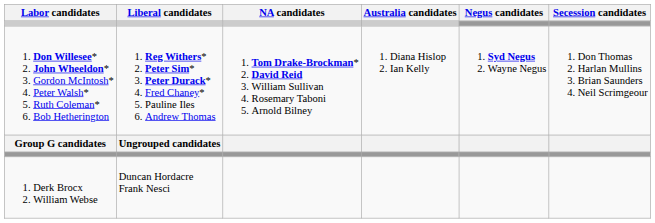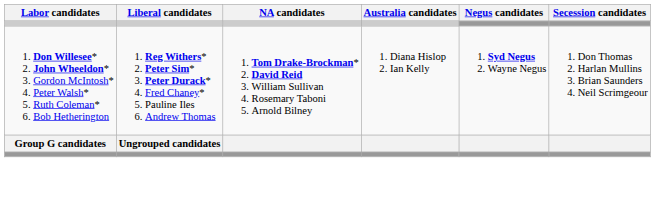 <table class="wikitable">
 <tr>
 <th><a href='#'>Labor</a> candidates</th>
 <th><a href='#'>Liberal</a> candidates</th>
 <th><a href='#'>NA</a> candidates</th>
 <th><a href='#'>Australia</a> candidates</th>
 <th><a href='#'>Negus</a> candidates</th>
 <th><a href='#'>Secession</a> candidates</th>
 </tr>
 <tr bgcolor="#cccccc">
 <td></td>
 <td></td>
 <td></td>
 <td></td>
 <td bgcolor="#999999"></td>
 <td bgcolor="#999999"></td>
 </tr>
 <tr>
 <td><br><ol><li><strong><a href='#'>Don Willesee</a></strong>*</li><li><strong><a href='#'>John Wheeldon</a></strong>*</li><li><a href='#'>Gordon McIntosh</a>*</li><li><a href='#'>Peter Walsh</a>*</li><li><a href='#'>Ruth Coleman</a>*</li><li><a href='#'>Bob Hetherington</a></li></ol></td>
 <td><br><ol><li><strong><a href='#'>Reg Withers</a></strong>*</li><li><strong><a href='#'>Peter Sim</a></strong>*</li><li><strong><a href='#'>Peter Durack</a></strong>*</li><li><a href='#'>Fred Chaney</a>*</li><li>Pauline Iles</li><li><a href='#'>Andrew Thomas</a></li></ol></td>
 <td><br><ol><li><strong><a href='#'>Tom Drake-Brockman</a></strong>*</li><li><strong><a href='#'>David Reid</a></strong></li><li>William Sullivan</li><li>Rosemary Taboni</li><li>Arnold Bilney</li></ol></td>
 <td valign=top><br><ol><li>Diana Hislop</li><li>Ian Kelly</li></ol></td>
 <td valign=top><br><ol><li><strong><a href='#'>Syd Negus</a></strong></li><li>Wayne Negus</li></ol></td>
 <td valign=top><br><ol><li>Don Thomas</li><li>Harlan Mullins</li><li>Brian Saunders</li><li>Neil Scrimgeour</li></ol></td>
 </tr>
 <tr bgcolor="#cccccc">
 <th>Group G candidates</th>
 <th>Ungrouped candidates</th>
 <th></th>
 <th></th>
 <th></th>
 <th></th>
 </tr>
 <tr bgcolor="#cccccc">
 <td bgcolor="#999999"></td>
 <td bgcolor="#999999"></td>
 <td bgcolor="#999999"></td>
 <td bgcolor="#999999"></td>
 <td bgcolor="#999999"></td>
 <td bgcolor="#999999"></td>
 </tr>
-<tr>
-<td valign=top><br><ol><li>Derk Brocx</li><li>William Webse</li></ol></td>
-<td valign=top><br>Duncan Hordacre<br> Frank Nesci</td>
-<td valign=top></td>
-<td valign=top></td>
-<td valign=top></td>
-<td valign=top></td>
-</tr>
 </table>
